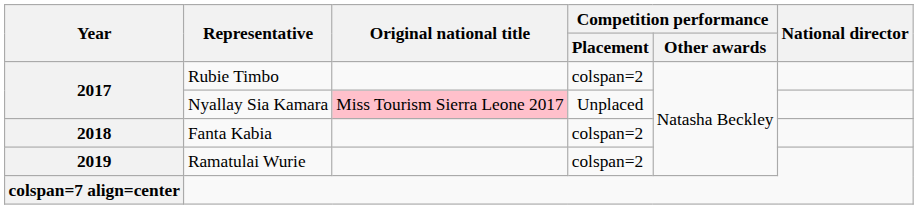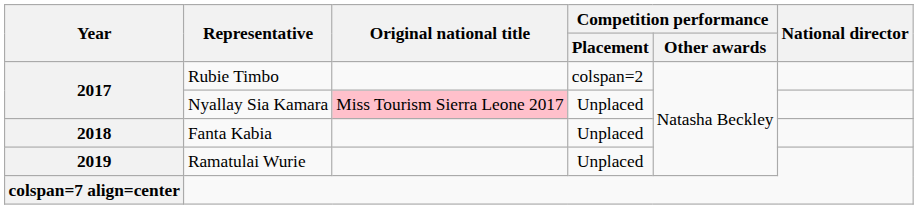 <table class="wikitable" style="font-size:95%;">
 <tr>
 <th rowspan=2>Year</th>
 <th rowspan=2>Representative</th>
 <th rowspan=2>Original national title</th>
 <th colspan=2>Competition performance</th>
 <th rowspan=2>National director</th>
 </tr>
 <tr>
 <th>Placement</th>
 <th>Other awards</th>
 </tr>
 <tr>
 <th rowspan=2>2017</th>
 <td>Rubie Timbo</td>
 <td></td>
 <td>colspan=2 </td>
 <td rowspan=4>Natasha Beckley</td>
 </tr>
 <tr>
 <td>Nyallay Sia Kamara</td>
 <td align=center style="background: pink;">Miss Tourism Sierra Leone 2017</td>
 <td align=center>Unplaced</td>
 <td></td>
 </tr>
 <tr>
 <th>2018</th>
 <td>Fanta Kabia</td>
 <td></td>
-<td>colspan=2 </td>
+<td align=center>Unplaced</td>
 <td></td>
 </tr>
 <tr>
 <th>2019</th>
 <td>Ramatulai Wurie</td>
 <td></td>
-<td>colspan=2 </td>
+<td align=center>Unplaced</td>
 </tr>
 <tr>
 <th>colspan=7 align=center </th>
 </tr>
 </table>
